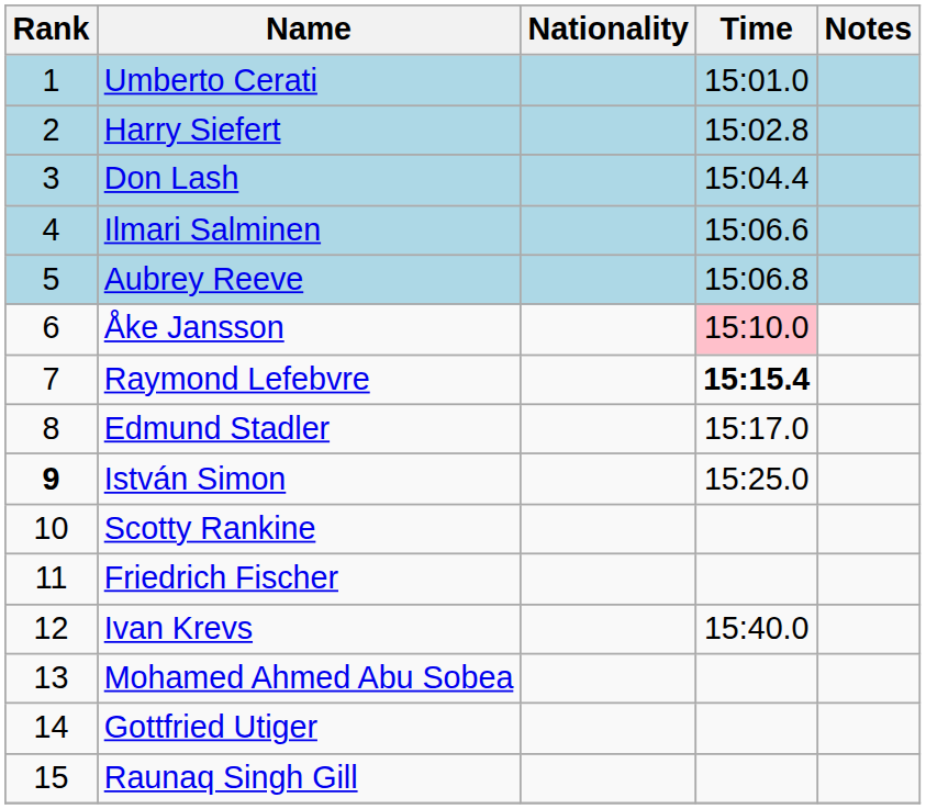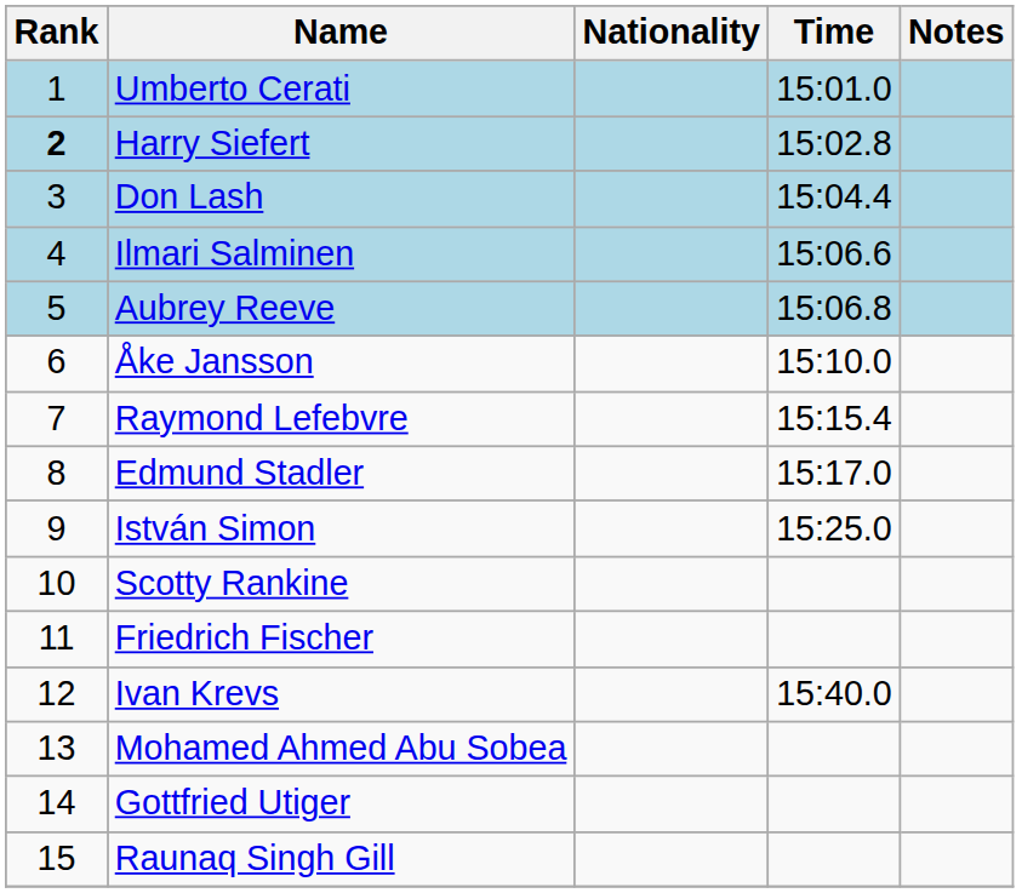 <table class="wikitable sortable" style="text-align:center">
 <tr>
 <th>Rank</th>
 <th>Name</th>
 <th>Nationality</th>
 <th>Time</th>
 <th>Notes</th>
 </tr>
 <tr bgcolor=lightblue>
 <td>1</td>
 <td align=left><a href='#'>Umberto Cerati</a></td>
 <td align=left></td>
 <td>15:01.0</td>
 <td></td>
 </tr>
 <tr bgcolor=lightblue>
-<td>2</td>
+<td><strong>2</strong></td>
 <td align=left><a href='#'>Harry Siefert</a></td>
 <td align=left></td>
 <td>15:02.8</td>
 <td></td>
 </tr>
 <tr bgcolor=lightblue>
 <td>3</td>
 <td align=left><a href='#'>Don Lash</a></td>
 <td align=left></td>
 <td>15:04.4</td>
 <td></td>
 </tr>
 <tr bgcolor=lightblue>
 <td>4</td>
 <td align=left><a href='#'>Ilmari Salminen</a></td>
 <td align=left></td>
 <td>15:06.6</td>
 <td></td>
 </tr>
 <tr bgcolor=lightblue>
 <td>5</td>
 <td align=left><a href='#'>Aubrey Reeve</a></td>
 <td align=left></td>
 <td>15:06.8</td>
 <td></td>
 </tr>
 <tr>
 <td>6</td>
 <td align=left><a href='#'>Åke Jansson</a></td>
 <td align=left></td>
-<td style="background: pink;">15:10.0</td>
+<td>15:10.0</td>
 <td></td>
 </tr>
 <tr>
 <td>7</td>
 <td align=left><a href='#'>Raymond Lefebvre</a></td>
 <td align=left></td>
-<td><strong>15:15.4</strong></td>
+<td>15:15.4</td>
 <td></td>
 </tr>
 <tr>
 <td>8</td>
 <td align=left><a href='#'>Edmund Stadler</a></td>
 <td align=left></td>
 <td>15:17.0</td>
 <td></td>
 </tr>
 <tr>
-<td><strong>9</strong></td>
+<td>9</td>
 <td align=left><a href='#'>István Simon</a></td>
 <td align=left></td>
 <td>15:25.0</td>
 <td></td>
 </tr>
 <tr>
 <td>10</td>
 <td align=left><a href='#'>Scotty Rankine</a></td>
 <td align=left></td>
 <td></td>
 <td></td>
 </tr>
 <tr>
 <td>11</td>
 <td align=left><a href='#'>Friedrich Fischer</a></td>
 <td align=left></td>
 <td></td>
 <td></td>
 </tr>
 <tr>
 <td>12</td>
 <td align=left><a href='#'>Ivan Krevs</a></td>
 <td align=left></td>
 <td>15:40.0</td>
 <td></td>
 </tr>
 <tr>
 <td>13</td>
 <td align=left><a href='#'>Mohamed Ahmed Abu Sobea</a></td>
 <td align=left></td>
 <td></td>
 <td></td>
 </tr>
 <tr>
 <td>14</td>
 <td align=left><a href='#'>Gottfried Utiger</a></td>
 <td align=left></td>
 <td></td>
 <td></td>
 </tr>
 <tr>
 <td>15</td>
 <td align=left><a href='#'>Raunaq Singh Gill</a></td>
 <td align=left></td>
 <td></td>
 <td></td>
 </tr>
 <tr>
 </tr>
 </table>
